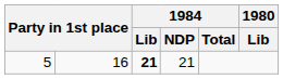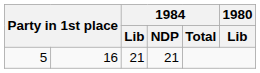 <table class="wikitable" style="text-align:right;">
 <tr>
 <th rowspan="2" colspan="2" style="text-align:left;">Party in 1st place</th>
 <th colspan="3">1984</th>
 <th>1980</th>
 </tr>
 <tr>
 <th>Lib</th>
 <th>NDP</th>
 <th>Total</th>
 <th>Lib</th>
 </tr>
 <tr>
 <td>5</td>
 <td>16</td>
-<td><strong>21</strong></td>
+<td>21</td>
 <td>21</td>
 </tr>
 </table>
